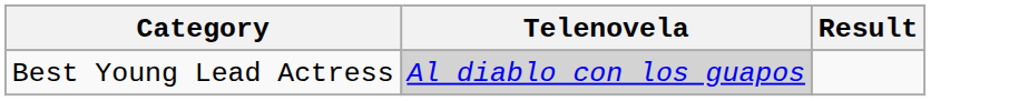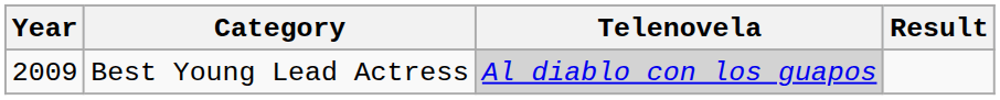 <table class="wikitable">
 <tr style="background:#b0c4de;">
+<th>Year</th>
 <th>Category</th>
 <th>Telenovela</th>
 <th>Result</th>
 </tr>
 <tr>
+<td>2009</td>
 <td>Best Young Lead Actress</td>
 <td style="background: lightgrey;"><em> <a href='#'>Al diablo con los guapos</a></em></td>
 <td></td>
 </tr>
 </table>
